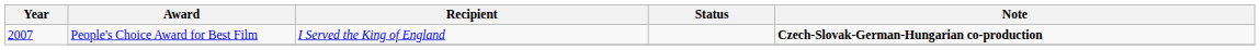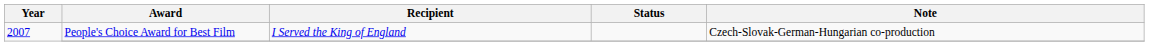 <table class="wikitable" width="100%" cellpadding="5">
 <tr>
 <th width="5%">Year</th>
 <th width="18%">Award</th>
 <th width="28%">Recipient</th>
 <th width="10%">Status</th>
 <th width="38%">Note</th>
 </tr>
 <tr>
 <td rowspan="2"><a href='#'>2007</a></td>
 <td><a href='#'>People's Choice Award for Best Film</a></td>
 <td><em><a href='#'>I Served the King of England</a></em></td>
 <td></td>
-<td><strong>Czech-Slovak-German-Hungarian co-production</strong></td>
+<td>Czech-Slovak-German-Hungarian co-production</td>
 </tr>
 <tr>
 </tr>
 </table>
